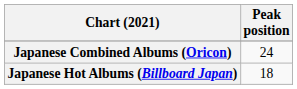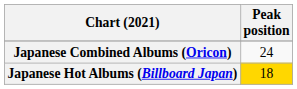 <table class="wikitable sortable plainrowheaders" style="text-align:center">
 <tr>
 <th scope="col">Chart (2021)</th>
 <th scope="col">Peak<br>position</th>
 </tr>
 <tr>
 </tr>
 <tr>
 <th scope="row">Japanese Combined Albums (<a href='#'>Oricon</a>)</th>
 <td>24</td>
 </tr>
 <tr>
 <th scope="row">Japanese Hot Albums (<em><a href='#'>Billboard Japan</a></em>)</th>
-<td>18</td>
+<td style="background: gold;">18</td>
 </tr>
 </table>
